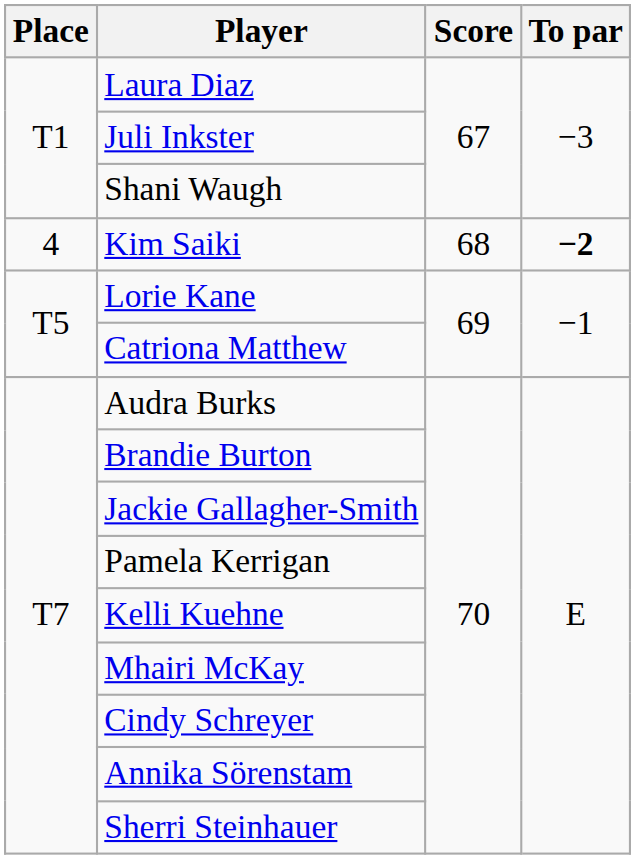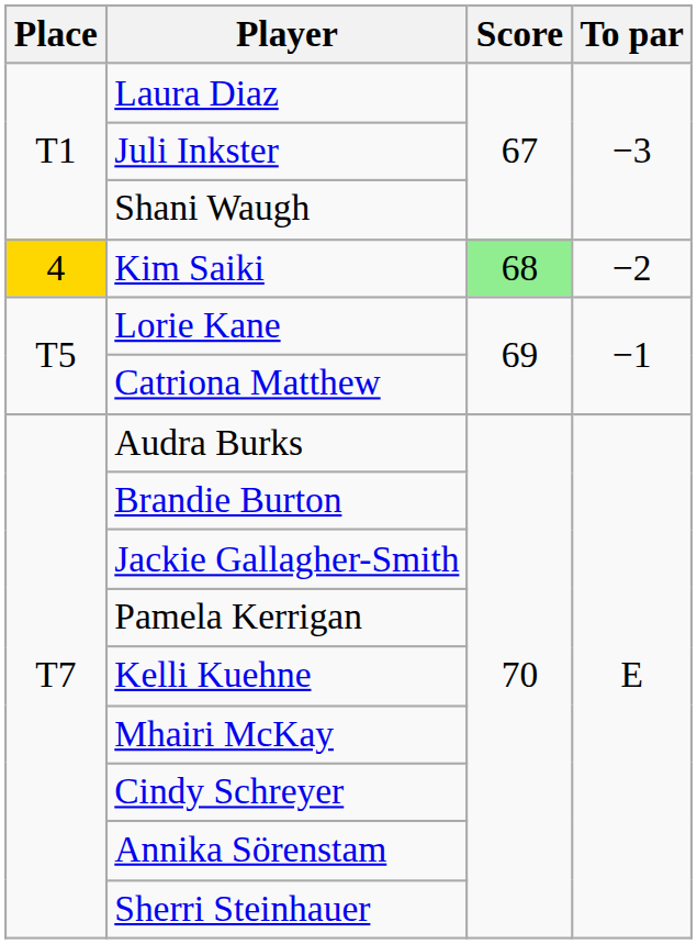 <table class="wikitable">
 <tr>
 <th>Place</th>
 <th>Player</th>
 <th>Score</th>
 <th>To par</th>
 </tr>
 <tr>
 <td rowspan=3 align=center>T1</td>
 <td> <a href='#'>Laura Diaz</a></td>
 <td rowspan=3 align=center>67</td>
 <td rowspan=3 align=center>−3</td>
 </tr>
 <tr>
 <td> <a href='#'>Juli Inkster</a></td>
 </tr>
 <tr>
 <td> Shani Waugh</td>
 </tr>
 <tr>
-<td align=center>4</td>
+<td align=center style="background: gold;">4</td>
 <td> <a href='#'>Kim Saiki</a></td>
-<td align=center>68</td>
-<td align=center><strong>−2</strong></td>
+<td align=center style="background: lightgreen;">68</td>
+<td align=center>−2</td>
 </tr>
 <tr>
 <td rowspan=2 align=center>T5</td>
 <td> <a href='#'>Lorie Kane</a></td>
 <td rowspan=2 align=center>69</td>
 <td rowspan=2 align=center>−1</td>
 </tr>
 <tr>
 <td> <a href='#'>Catriona Matthew</a></td>
 </tr>
 <tr>
 <td rowspan=9 align=center>T7</td>
 <td> Audra Burks</td>
 <td rowspan=9 align=center>70</td>
 <td rowspan=9 align=center>E</td>
 </tr>
 <tr>
 <td> <a href='#'>Brandie Burton</a></td>
 </tr>
 <tr>
 <td> <a href='#'>Jackie Gallagher-Smith</a></td>
 </tr>
 <tr>
 <td> Pamela Kerrigan</td>
 </tr>
 <tr>
 <td> <a href='#'>Kelli Kuehne</a></td>
 </tr>
 <tr>
 <td> <a href='#'>Mhairi McKay</a></td>
 </tr>
 <tr>
 <td> <a href='#'>Cindy Schreyer</a></td>
 </tr>
 <tr>
 <td> <a href='#'>Annika Sörenstam</a></td>
 </tr>
 <tr>
 <td> <a href='#'>Sherri Steinhauer</a></td>
 </tr>
 </table>
